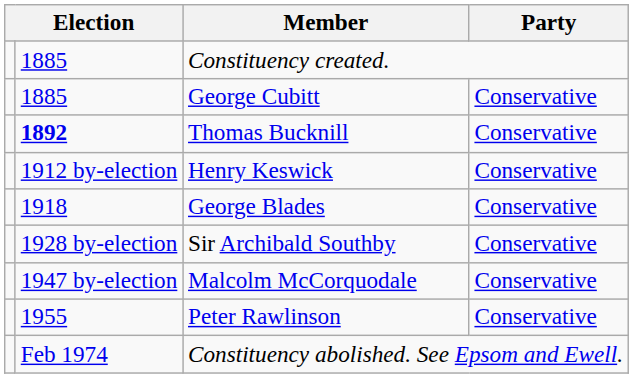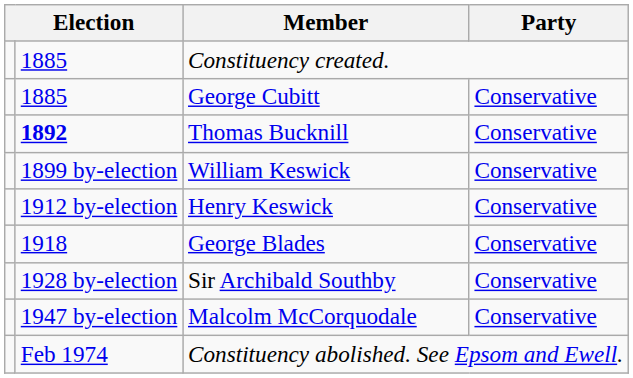 <table class="wikitable">
 <tr>
 <th colspan="2">Election</th>
 <th>Member</th>
 <th>Party</th>
 </tr>
 <tr>
 <td></td>
 <td><a href='#'>1885</a></td>
 <td colspan="2"><em>Constituency created.</em></td>
 </tr>
 <tr>
 <td style="color:inherit;background-color: "></td>
 <td><a href='#'>1885</a></td>
 <td><a href='#'>George Cubitt</a></td>
 <td><a href='#'>Conservative</a></td>
 </tr>
 <tr>
 <td style="color:inherit;background-color: "></td>
 <td><strong><a href='#'>1892</a></strong></td>
 <td><a href='#'>Thomas Bucknill</a></td>
+<td><a href='#'>Conservative</a></td>
+</tr>
+<tr>
+<td style="color:inherit;background-color: "></td>
+<td><a href='#'>1899 by-election</a></td>
+<td><a href='#'>William Keswick</a></td>
 <td><a href='#'>Conservative</a></td>
 </tr>
 <tr>
 <td style="color:inherit;background-color: "></td>
 <td><a href='#'>1912 by-election</a></td>
 <td><a href='#'>Henry Keswick</a></td>
 <td><a href='#'>Conservative</a></td>
 </tr>
 <tr>
 <td style="color:inherit;background-color: "></td>
 <td><a href='#'>1918</a></td>
 <td><a href='#'>George Blades</a></td>
 <td><a href='#'>Conservative</a></td>
 </tr>
 <tr>
 <td style="color:inherit;background-color: "></td>
 <td><a href='#'>1928 by-election</a></td>
 <td>Sir <a href='#'>Archibald Southby</a></td>
 <td><a href='#'>Conservative</a></td>
 </tr>
 <tr>
 <td style="color:inherit;background-color: "></td>
 <td><a href='#'>1947 by-election</a></td>
 <td><a href='#'>Malcolm McCorquodale</a></td>
 <td><a href='#'>Conservative</a></td>
 </tr>
 <tr>
-<td style="color:inherit;background-color: "></td>
-<td><a href='#'>1955</a></td>
-<td><a href='#'>Peter Rawlinson</a></td>
-<td><a href='#'>Conservative</a></td>
-</tr>
-<tr>
 <td></td>
 <td><a href='#'>Feb 1974</a></td>
 <td colspan="2"><em>Constituency abolished. See <a href='#'>Epsom and Ewell</a>.</em></td>
 </tr>
 </table>
